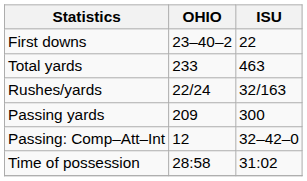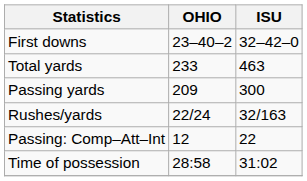 <table class="wikitable" style="float: left;">
 <tr>
 <th>Statistics</th>
 <th>OHIO</th>
 <th>ISU</th>
 </tr>
 <tr>
 <td>First downs</td>
 <td>23–40–2</td>
-<td>22</td>
+<td>32–42–0</td>
 </tr>
 <tr>
 <td>Total yards</td>
 <td>233</td>
 <td>463</td>
 </tr>
 <tr>
+<td>Passing yards</td>
+<td>209</td>
+<td>300</td>
+</tr>
+<tr>
 <td>Rushes/yards</td>
 <td>22/24</td>
 <td>32/163</td>
 </tr>
 <tr>
-<td>Passing yards</td>
-<td>209</td>
-<td>300</td>
-</tr>
-<tr>
 <td>Passing: Comp–Att–Int</td>
 <td>12</td>
-<td>32–42–0</td>
+<td>22</td>
 </tr>
 <tr>
 <td>Time of possession</td>
 <td>28:58</td>
 <td>31:02</td>
 </tr>
 <tr>
 </tr>
 </table>
